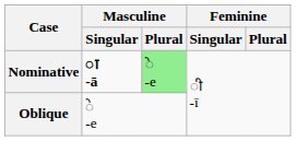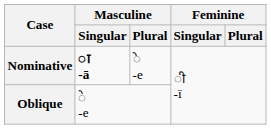 <table class="wikitable">
 <tr>
 <th rowspan="2">Case</th>
 <th colspan="2">Masculine</th>
 <th colspan="2">Feminine</th>
 </tr>
 <tr>
 <th>Singular</th>
 <th>Plural</th>
 <th>Singular</th>
 <th>Plural</th>
 </tr>
 <tr>
 <th>Nominative</th>
 <td><strong>ा<br>-ā</strong></td>
-<td style="background: lightgreen;">े<br>-e</td>
+<td>े<br>-e</td>
 <td colspan="2" rowspan="2">ी<br>-ī</td>
 </tr>
 <tr>
 <th>Oblique</th>
 <td colspan="2">े<br>-e</td>
 </tr>
 </table>
